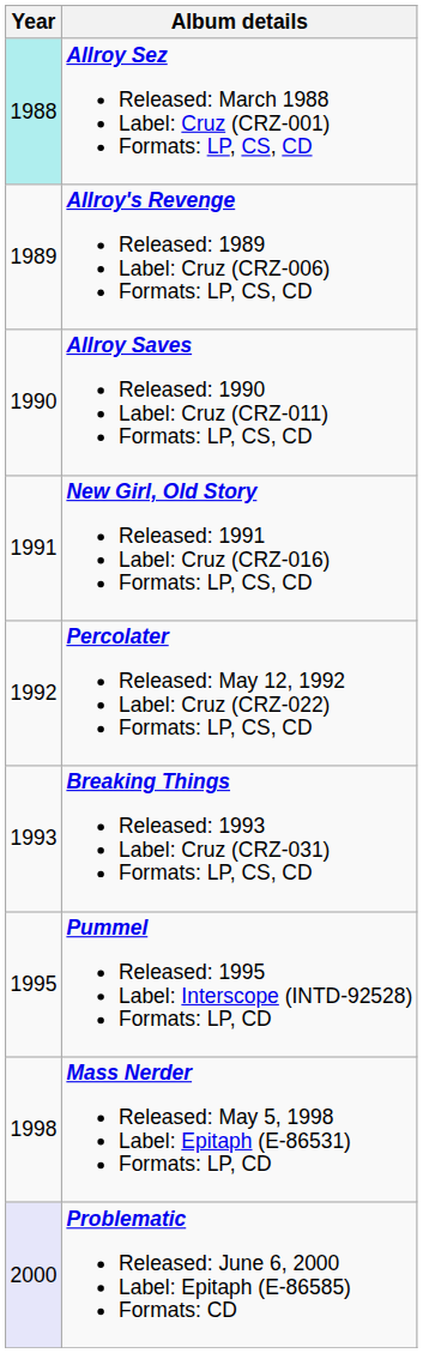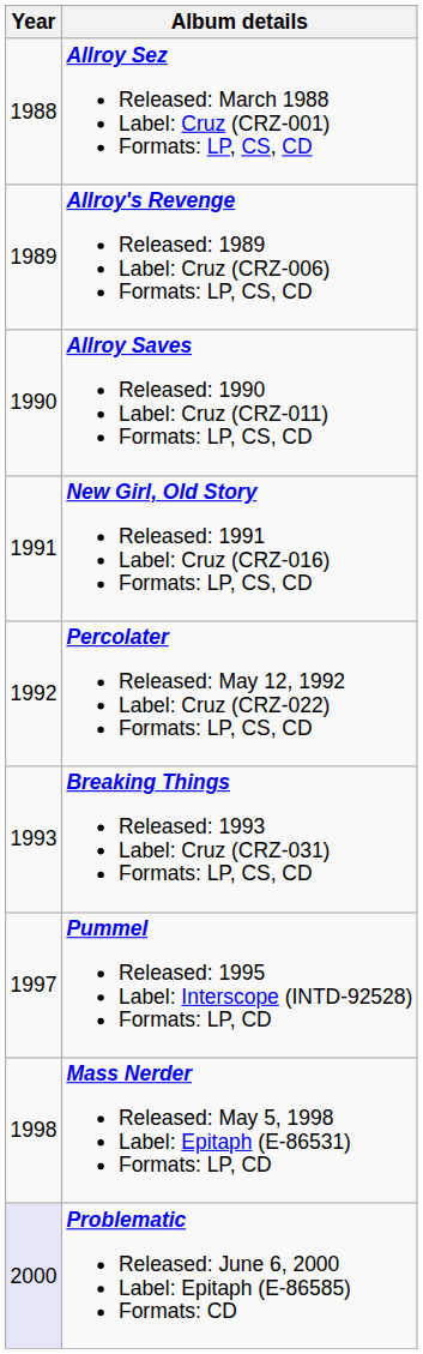 <table class ="wikitable">
 <tr>
 <th>Year</th>
 <th>Album details</th>
 </tr>
 <tr>
-<td style="background: paleturquoise;">1988</td>
+<td>1988</td>
 <td><strong><em><a href='#'>Allroy Sez</a></em></strong><br><ul><li>Released: March 1988</li><li>Label: <a href='#'>Cruz</a> (CRZ-001)</li><li>Formats: <a href='#'>LP</a>, <a href='#'>CS</a>, <a href='#'>CD</a></li></ul></td>
 </tr>
 <tr>
 <td>1989</td>
 <td><strong><em><a href='#'>Allroy's Revenge</a></em></strong><br><ul><li>Released: 1989</li><li>Label: Cruz (CRZ-006)</li><li>Formats: LP, CS, CD</li></ul></td>
 </tr>
 <tr>
 <td>1990</td>
 <td><strong><em><a href='#'>Allroy Saves</a></em></strong><br><ul><li>Released: 1990</li><li>Label: Cruz (CRZ-011)</li><li>Formats: LP, CS, CD</li></ul></td>
 </tr>
 <tr>
 <td>1991</td>
 <td><strong><em><a href='#'>New Girl, Old Story</a></em></strong><br><ul><li>Released: 1991</li><li>Label: Cruz (CRZ-016)</li><li>Formats: LP, CS, CD</li></ul></td>
 </tr>
 <tr>
 <td>1992</td>
 <td><strong><em><a href='#'>Percolater</a></em></strong><br><ul><li>Released: May 12, 1992</li><li>Label: Cruz (CRZ-022)</li><li>Formats: LP, CS, CD</li></ul></td>
 </tr>
 <tr>
 <td>1993</td>
 <td><strong><em><a href='#'>Breaking Things</a></em></strong><br><ul><li>Released: 1993</li><li>Label: Cruz (CRZ-031)</li><li>Formats: LP, CS, CD</li></ul></td>
 </tr>
 <tr>
-<td>1995</td>
+<td>1997</td>
 <td><strong><em><a href='#'>Pummel</a></em></strong><br><ul><li>Released: 1995</li><li>Label: <a href='#'>Interscope</a> (INTD-92528)</li><li>Formats: LP, CD</li></ul></td>
 </tr>
 <tr>
 <td>1998</td>
 <td><strong><em><a href='#'>Mass Nerder</a></em></strong><br><ul><li>Released: May 5, 1998</li><li>Label: <a href='#'>Epitaph</a> (E-86531)</li><li>Formats: LP, CD</li></ul></td>
 </tr>
 <tr>
 <td style="background: lavender;">2000</td>
 <td><strong><em><a href='#'>Problematic</a></em></strong><br><ul><li>Released: June 6, 2000</li><li>Label: Epitaph (E-86585)</li><li>Formats: CD</li></ul></td>
 </tr>
 <tr>
 </tr>
 </table>
